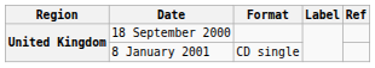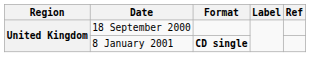 <table class="wikitable plainrowheaders">
 <tr>
 <th scope="col">Region</th>
 <th scope="col">Date</th>
 <th scope="col">Format</th>
 <th scope="col">Label</th>
 <th scope="col">Ref</th>
 </tr>
 <tr>
 <th scope="row" rowspan="2">United Kingdom</th>
 <td>18 September 2000</td>
 <td></td>
 <td rowspan="2"></td>
 <td></td>
 </tr>
 <tr>
 <td>8 January 2001</td>
-<td>CD single</td>
+<td><strong>CD single</strong></td>
 <td></td>
 </tr>
 </table>
